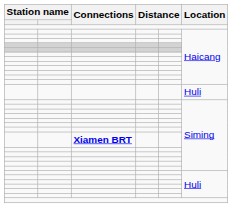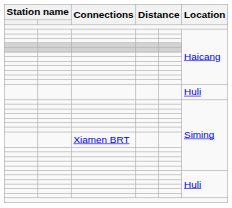 <table class="wikitable">
 <tr>
 <th colspan="2">Station name</th>
 <th rowspan="2">Connections</th>
 <th colspan="2" rowspan="2">Distance<br></th>
 <th rowspan="2">Location</th>
 </tr>
 <tr>
 <th></th>
 <th></th>
 </tr>
 <tr style="background:#">
 <td colspan = "7"></td>
 </tr>
 <tr>
 <td></td>
 <td></td>
 <td></td>
 <td></td>
 <td></td>
 <td rowspan="12"><a href='#'>Haicang</a></td>
 </tr>
 <tr>
 <td></td>
 <td></td>
 <td></td>
 <td></td>
 <td></td>
 </tr>
 <tr>
 <td></td>
 <td></td>
 <td></td>
 <td></td>
 <td></td>
 </tr>
 <tr bgcolor="lightgrey">
 <td></td>
 <td></td>
 <td></td>
 <td></td>
 <td></td>
 </tr>
 <tr bgcolor="lightgrey">
 <td></td>
 <td></td>
 <td></td>
 <td></td>
 <td></td>
 </tr>
 <tr>
 <td></td>
 <td></td>
 <td></td>
 <td></td>
 <td></td>
 </tr>
 <tr>
 <td></td>
 <td></td>
 <td></td>
 <td></td>
 <td></td>
 </tr>
 <tr>
 <td></td>
 <td></td>
 <td></td>
 <td></td>
 <td></td>
 </tr>
 <tr>
 <td></td>
 <td></td>
 <td></td>
 <td></td>
 <td></td>
 </tr>
 <tr>
 <td></td>
 <td></td>
 <td></td>
 <td></td>
 <td></td>
 </tr>
 <tr>
 <td></td>
 <td></td>
 <td></td>
 <td></td>
 <td></td>
 </tr>
 <tr>
 <td></td>
 <td></td>
 <td></td>
 <td></td>
 <td></td>
 </tr>
 <tr>
 <td></td>
 <td></td>
 <td></td>
 <td></td>
 <td></td>
 <td><a href='#'>Huli</a></td>
 </tr>
 <tr>
 <td></td>
 <td></td>
 <td></td>
 <td></td>
 <td></td>
 <td rowspan="13"><a href='#'>Siming</a></td>
 </tr>
 <tr>
 <td></td>
 <td></td>
 <td></td>
 <td></td>
 <td></td>
 </tr>
 <tr>
 <td></td>
 <td></td>
 <td></td>
 <td></td>
 <td></td>
 </tr>
 <tr>
 <td></td>
 <td></td>
 <td></td>
 <td></td>
 <td></td>
 </tr>
 <tr>
 <td></td>
 <td></td>
 <td></td>
 <td></td>
 <td></td>
 </tr>
 <tr>
 <td></td>
 <td></td>
 <td></td>
 <td></td>
 <td></td>
 </tr>
 <tr>
 <td></td>
 <td></td>
 <td></td>
 <td></td>
 <td></td>
 </tr>
 <tr>
 <td></td>
 <td></td>
-<td><strong><a href='#'>Xiamen BRT</a></strong></td>
+<td><a href='#'>Xiamen BRT</a></td>
 <td></td>
 <td></td>
 </tr>
 <tr>
 <td></td>
 <td></td>
 <td></td>
 <td></td>
 <td></td>
 </tr>
 <tr>
 <td></td>
 <td></td>
 <td></td>
 <td></td>
 <td></td>
 </tr>
 <tr>
 <td></td>
 <td></td>
 <td></td>
 <td></td>
 <td></td>
 </tr>
 <tr>
 <td></td>
 <td></td>
 <td></td>
 <td></td>
 <td></td>
 </tr>
 <tr>
 <td></td>
 <td></td>
 <td></td>
 <td></td>
 <td></td>
 </tr>
 <tr>
 <td></td>
 <td></td>
 <td></td>
 <td></td>
 <td></td>
 <td rowspan="6"><a href='#'>Huli</a></td>
 </tr>
 <tr>
 <td></td>
 <td></td>
 <td></td>
 <td></td>
 <td></td>
 </tr>
 <tr>
 <td></td>
 <td></td>
 <td></td>
 <td></td>
 <td></td>
 </tr>
 <tr>
 <td></td>
 <td></td>
 <td></td>
 <td></td>
 <td></td>
 </tr>
 <tr>
 <td></td>
 <td></td>
 <td></td>
 <td></td>
 <td></td>
 </tr>
 <tr>
 <td></td>
 <td></td>
 <td></td>
 <td></td>
 <td></td>
 </tr>
 <tr style="background:#">
 <td colspan = "7"></td>
 </tr>
 </table>
